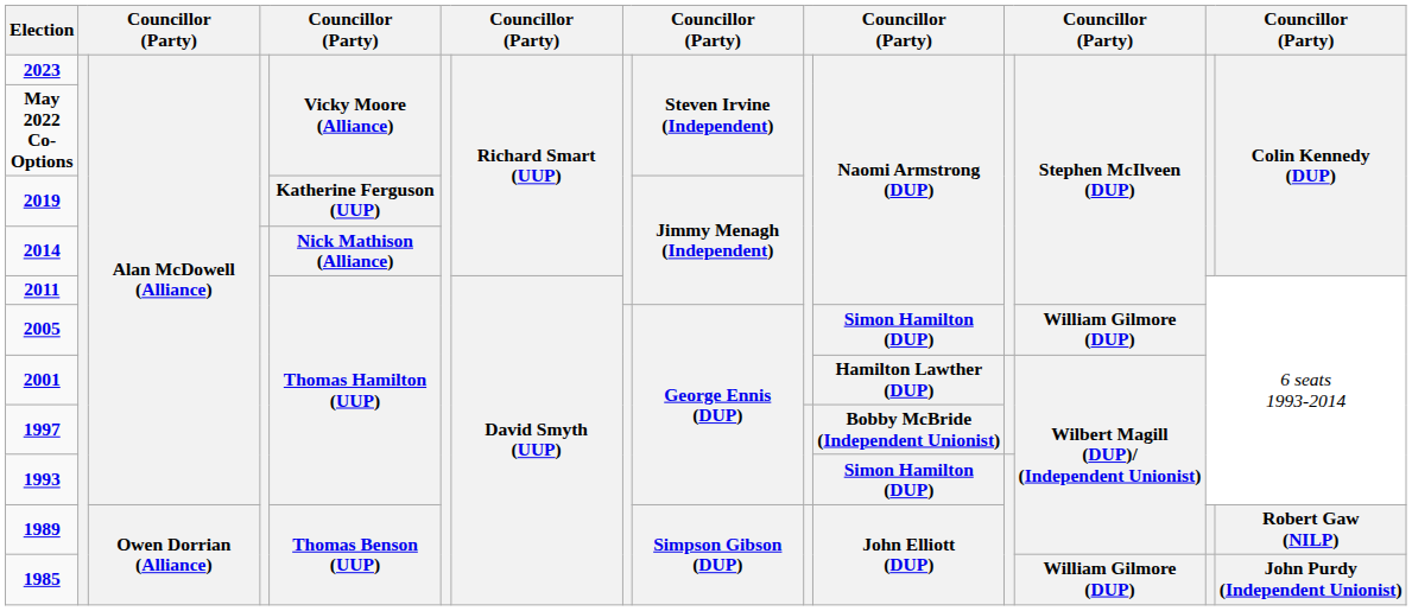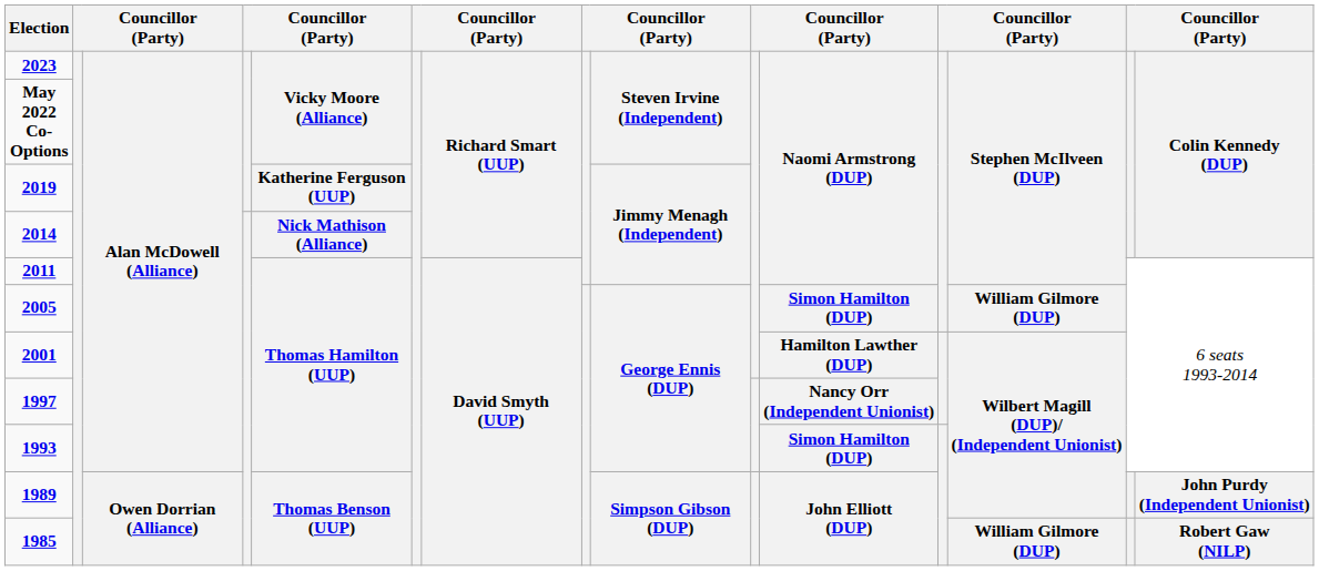 <table class="wikitable" style="text-align:center">
 <tr>
 <th scope="col" width="50">Election</th>
 <th scope="col" width="150" colspan = "2">Councillor<br> (Party)</th>
 <th scope="col" width="150" colspan = "2">Councillor<br> (Party)</th>
 <th scope="col" width="150" colspan = "2">Councillor<br> (Party)</th>
 <th scope="col" width="150" colspan = "2">Councillor<br> (Party)</th>
 <th scope="col" width="150" colspan = "2">Councillor<br> (Party)</th>
 <th scope="col" width="150" colspan = "2">Councillor<br> (Party)</th>
 <th scope="col" width="150" colspan = "2">Councillor<br> (Party)</th>
 </tr>
 <tr>
 <td><strong><a href='#'>2023</a></strong></td>
 <th rowspan="11" width="1" style="background-color: "></th>
 <th rowspan = "9">Alan McDowell <br> (<a href='#'>Alliance</a>)</th>
 <th rowspan="3" width="1" style="background-color: "></th>
 <th rowspan = "2">Vicky Moore <br> (<a href='#'>Alliance</a>)</th>
 <th rowspan="11" width="1" style="background-color: "></th>
 <th rowspan = "4">Richard Smart <br> (<a href='#'>UUP</a>)</th>
 <th rowspan="5" width="1" style="background-color: "></th>
 <th rowspan = "2">Steven Irvine <br> (<a href='#'>Independent</a>)</th>
 <th rowspan="7" width="1" style="background-color: "></th>
 <th rowspan = "5">Naomi Armstrong <br> (<a href='#'>DUP</a>)</th>
 <th rowspan="6" width="1" style="background-color: "></th>
 <th rowspan = "5">Stephen McIlveen <br> (<a href='#'>DUP</a>)</th>
 <th rowspan="4" width="1" style="background-color: "></th>
 <th rowspan = "4">Colin Kennedy <br> (<a href='#'>DUP</a>)</th>
 </tr>
 <tr>
 <td><strong>May 2022 Co-Options</strong></td>
 </tr>
 <tr>
 <td><strong><a href='#'>2019</a></strong></td>
 <th rowspan = "1">Katherine Ferguson <br> (<a href='#'>UUP</a>)</th>
 <th rowspan = "3">Jimmy Menagh <br> (<a href='#'>Independent</a>)</th>
 </tr>
 <tr>
 <td><strong><a href='#'>2014</a></strong></td>
 <th rowspan="8" width="1" style="background-color: "></th>
 <th rowspan = "1"><a href='#'>Nick Mathison</a> <br> (<a href='#'>Alliance</a>)</th>
 </tr>
 <tr>
 <td><strong><a href='#'>2011</a></strong></td>
 <th rowspan = "5"><a href='#'>Thomas Hamilton</a> <br> (<a href='#'>UUP</a>)</th>
 <th rowspan = "7">David Smyth <br> (<a href='#'>UUP</a>)</th>
 <td colspan="2" rowspan="5" style="background-color:#FFFFFF"><em>6 seats<br>1993-2014</em></td>
 </tr>
 <tr>
 <td><strong><a href='#'>2005</a></strong></td>
 <th rowspan="6" width="1" style="background-color: "></th>
 <th rowspan = "4"><a href='#'>George Ennis</a> <br> (<a href='#'>DUP</a>)</th>
 <th rowspan = "1"><a href='#'>Simon Hamilton</a> <br> (<a href='#'>DUP</a>)</th>
 <th rowspan = "1">William Gilmore <br> (<a href='#'>DUP</a>)</th>
 </tr>
 <tr>
 <td><strong><a href='#'>2001</a></strong></td>
 <th rowspan = "1">Hamilton Lawther <br> (<a href='#'>DUP</a>)</th>
 <th rowspan="2" width="1" style="background-color: "></th>
 <th rowspan = "4">Wilbert Magill <br> (<a href='#'>DUP</a>)/ <br> (<a href='#'>Independent Unionist</a>)</th>
 </tr>
 <tr>
 <td><strong><a href='#'>1997</a></strong></td>
 <th rowspan="2" width="1" style="background-color: "></th>
-<th rowspan = "1">Bobby McBride <br> (<a href='#'>Independent Unionist</a>)</th>
+<th rowspan = "1">Nancy Orr <br> (<a href='#'>Independent Unionist</a>)</th>
 </tr>
 <tr>
 <td><strong><a href='#'>1993</a></strong></td>
 <th rowspan = "1"><a href='#'>Simon Hamilton</a> <br> (<a href='#'>DUP</a>)</th>
 <th rowspan="3" width="1" style="background-color: "></th>
 </tr>
 <tr>
 <td><strong><a href='#'>1989</a></strong></td>
 <th rowspan = "2">Owen Dorrian <br> (<a href='#'>Alliance</a>)</th>
 <th rowspan = "2"><a href='#'>Thomas Benson</a> <br> (<a href='#'>UUP</a>)</th>
 <th rowspan = "2"><a href='#'>Simpson Gibson</a> <br> (<a href='#'>DUP</a>)</th>
 <th rowspan="2" width="1" style="background-color: "></th>
 <th rowspan = "2">John Elliott <br> (<a href='#'>DUP</a>)</th>
 <th rowspan="1" width="1" style="background-color: "></th>
-<th rowspan = "1">Robert Gaw <br> (<a href='#'>NILP</a>)</th>
+<th rowspan = "1">John Purdy <br> (<a href='#'>Independent Unionist</a>)</th>
 </tr>
 <tr>
 <td><strong><a href='#'>1985</a></strong></td>
 <th rowspan = "1">William Gilmore <br> (<a href='#'>DUP</a>)</th>
 <th rowspan="1" width="1" style="background-color: "></th>
-<th rowspan = "1">John Purdy <br> (<a href='#'>Independent Unionist</a>)</th>
+<th rowspan = "1">Robert Gaw <br> (<a href='#'>NILP</a>)</th>
 </tr>
 </table>
